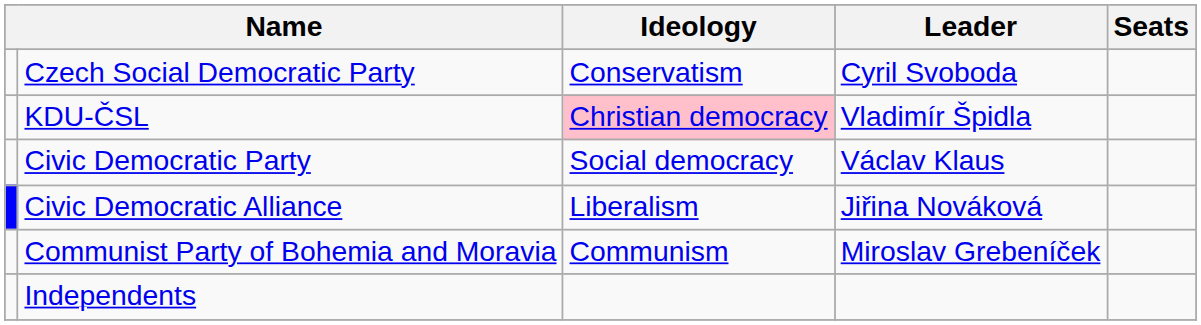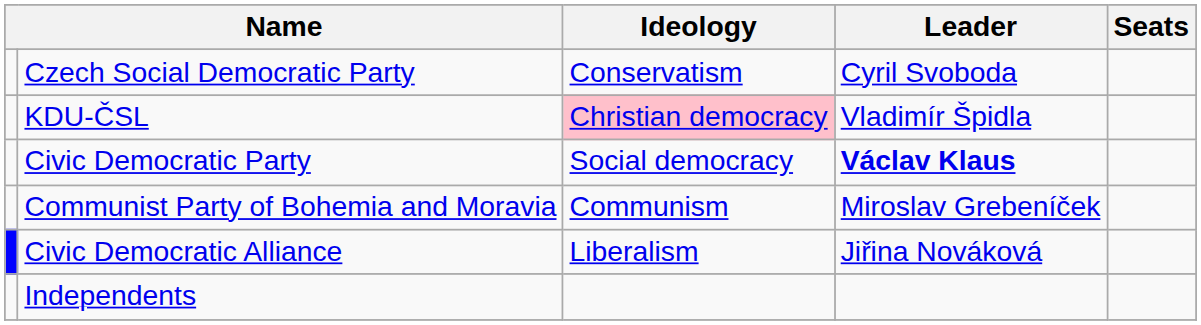 <table class="wikitable">
 <tr>
 <th colspan=2>Name</th>
 <th>Ideology</th>
 <th>Leader</th>
 <th>Seats</th>
 </tr>
 <tr>
 <td style="background:"></td>
 <td><a href='#'>Czech Social Democratic Party</a></td>
 <td><a href='#'>Conservatism</a></td>
 <td><a href='#'>Cyril Svoboda</a></td>
 <td></td>
 </tr>
 <tr>
 <td style="background:"></td>
 <td><a href='#'>KDU-ČSL</a></td>
 <td style="background: pink;"><a href='#'>Christian democracy</a></td>
 <td><a href='#'>Vladimír Špidla</a></td>
 <td></td>
 </tr>
 <tr>
 <td style="background:"></td>
 <td><a href='#'>Civic Democratic Party</a></td>
 <td><a href='#'>Social democracy</a></td>
-<td><a href='#'>Václav Klaus</a></td>
+<td><strong><a href='#'>Václav Klaus</a></strong></td>
+<td></td>
+</tr>
+<tr>
+<td style="background:"></td>
+<td><a href='#'>Communist Party of Bohemia and Moravia</a></td>
+<td><a href='#'>Communism</a></td>
+<td><a href='#'>Miroslav Grebeníček</a></td>
 <td></td>
 </tr>
 <tr>
 <td style="background:#0000FF;"></td>
 <td><a href='#'>Civic Democratic Alliance</a></td>
 <td><a href='#'>Liberalism</a></td>
 <td><a href='#'>Jiřina Nováková</a></td>
 <td></td>
 </tr>
 <tr>
 <td style="background:"></td>
-<td><a href='#'>Communist Party of Bohemia and Moravia</a></td>
-<td><a href='#'>Communism</a></td>
-<td><a href='#'>Miroslav Grebeníček</a></td>
-<td></td>
-</tr>
-<tr>
-<td style="background:"></td>
 <td><a href='#'>Independents</a></td>
 <td></td>
 <td></td>
 <td></td>
 </tr>
 </table>
